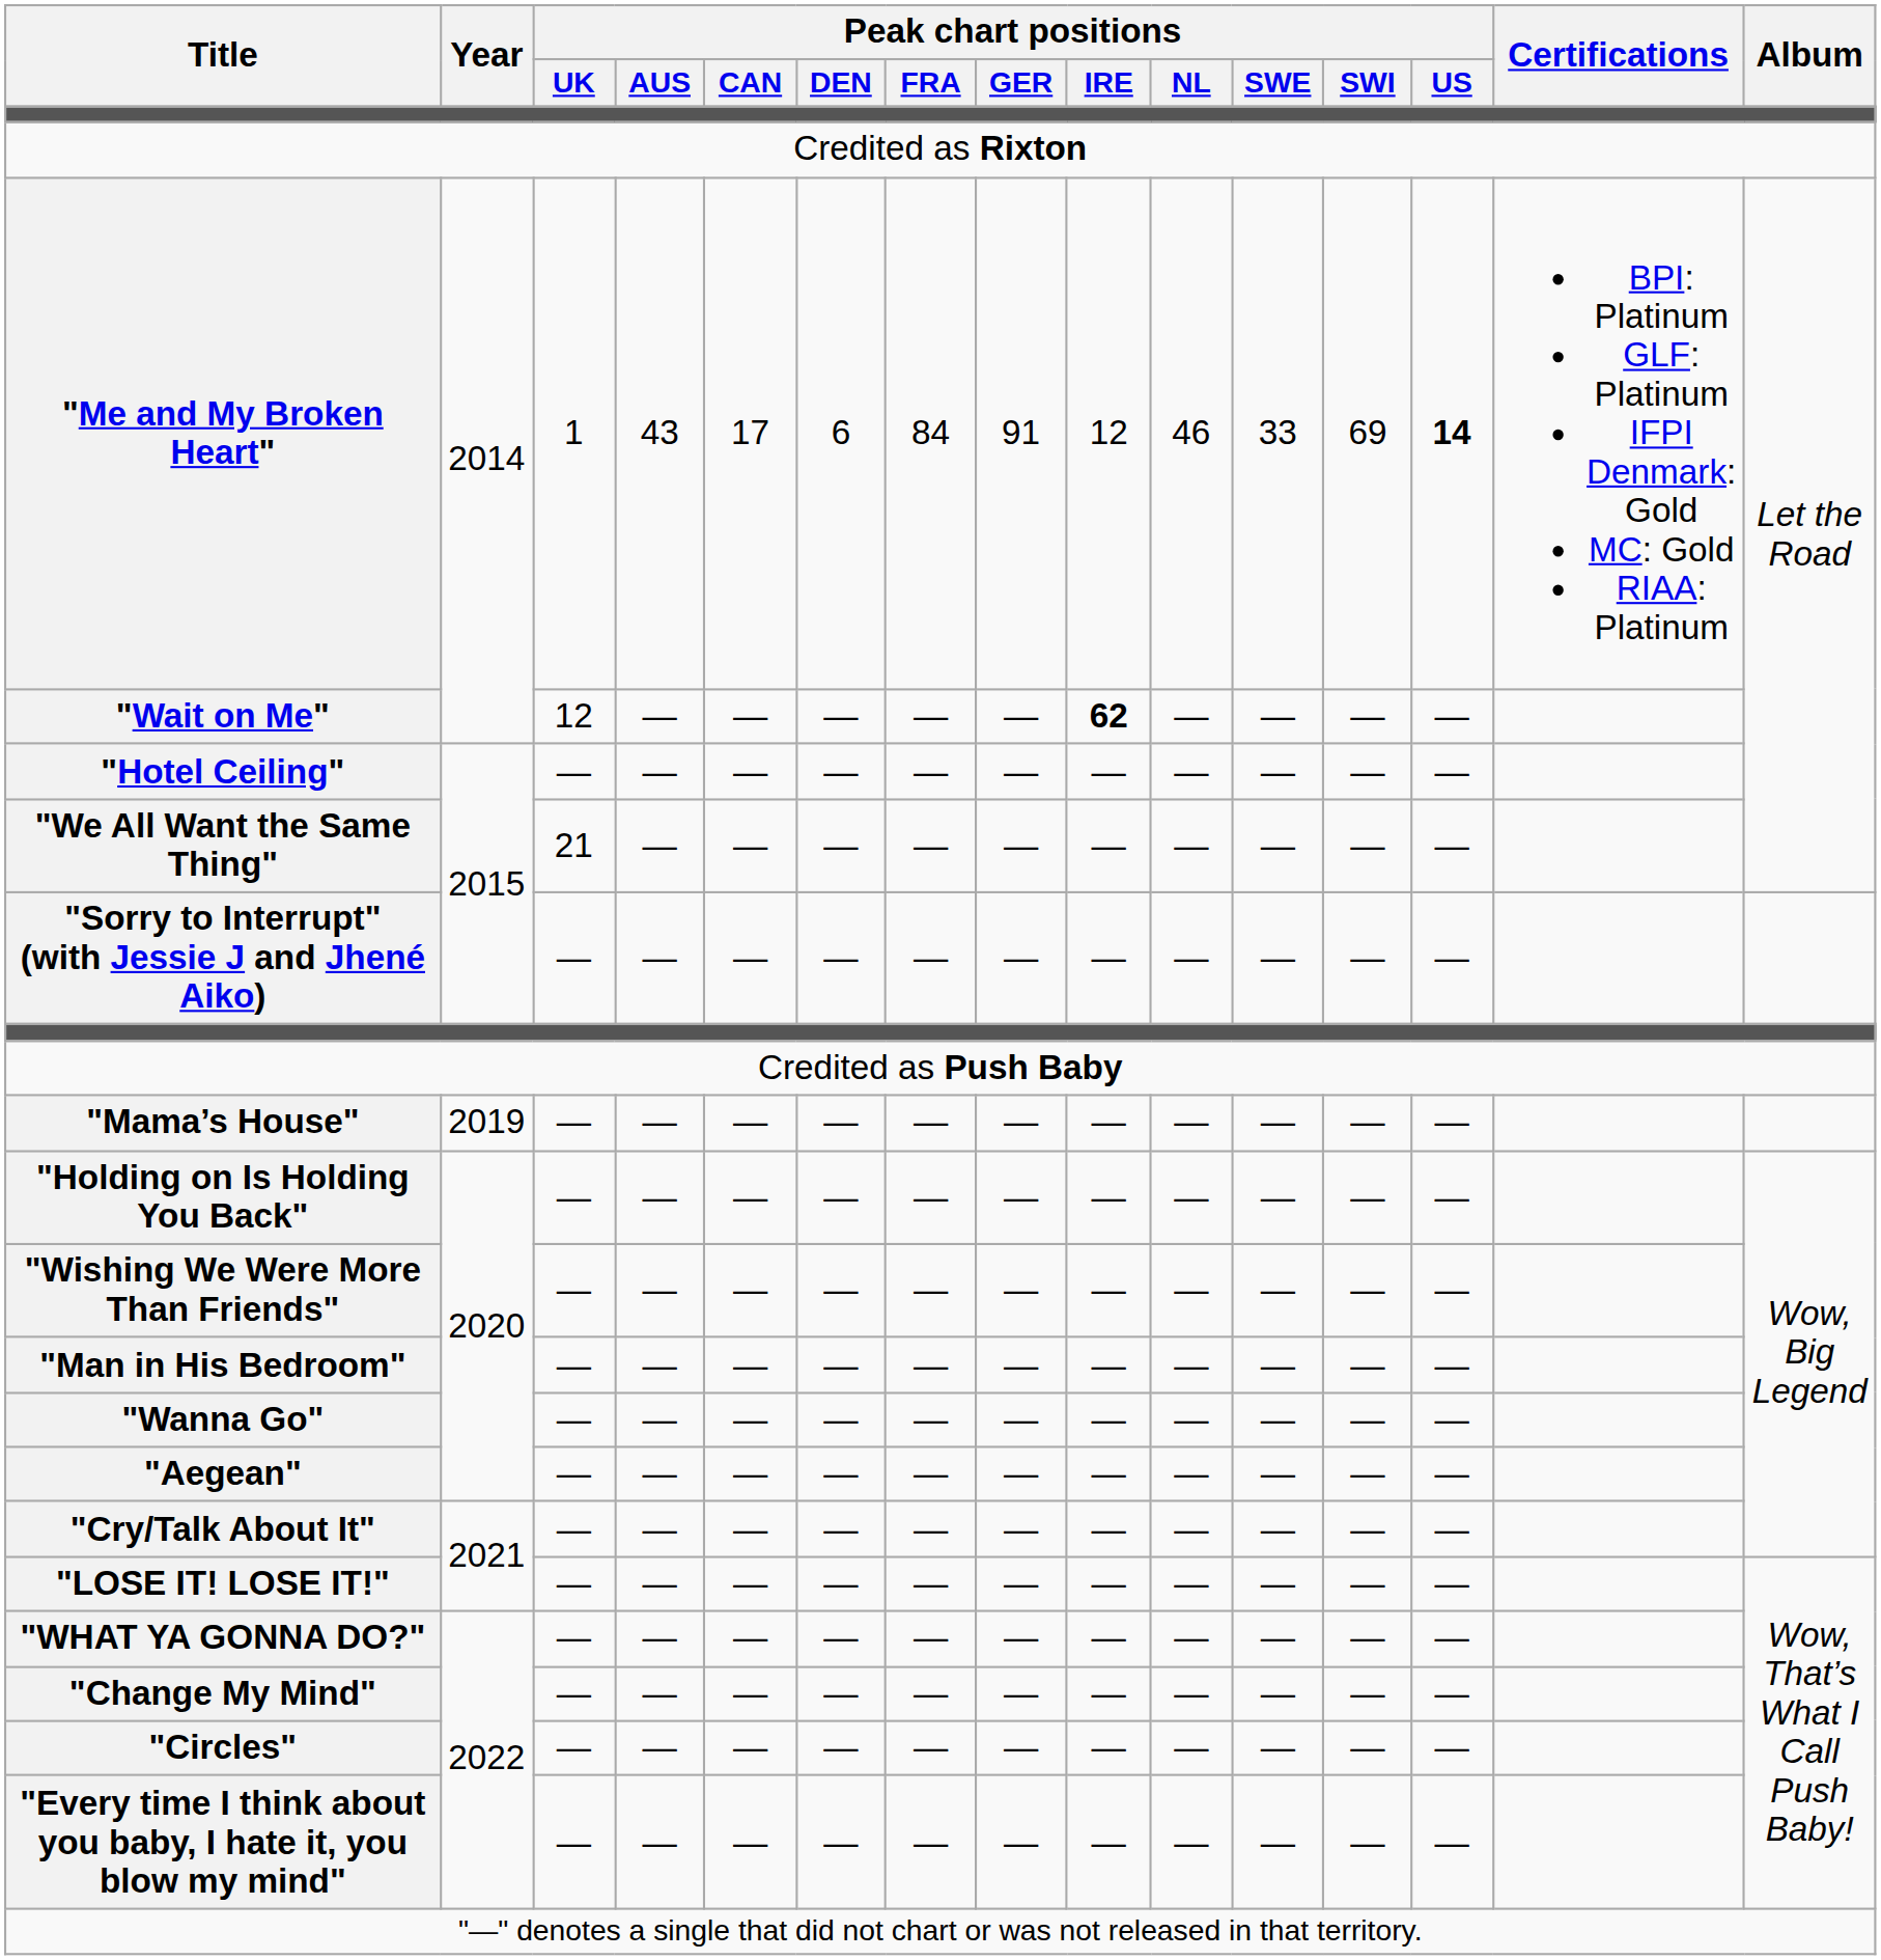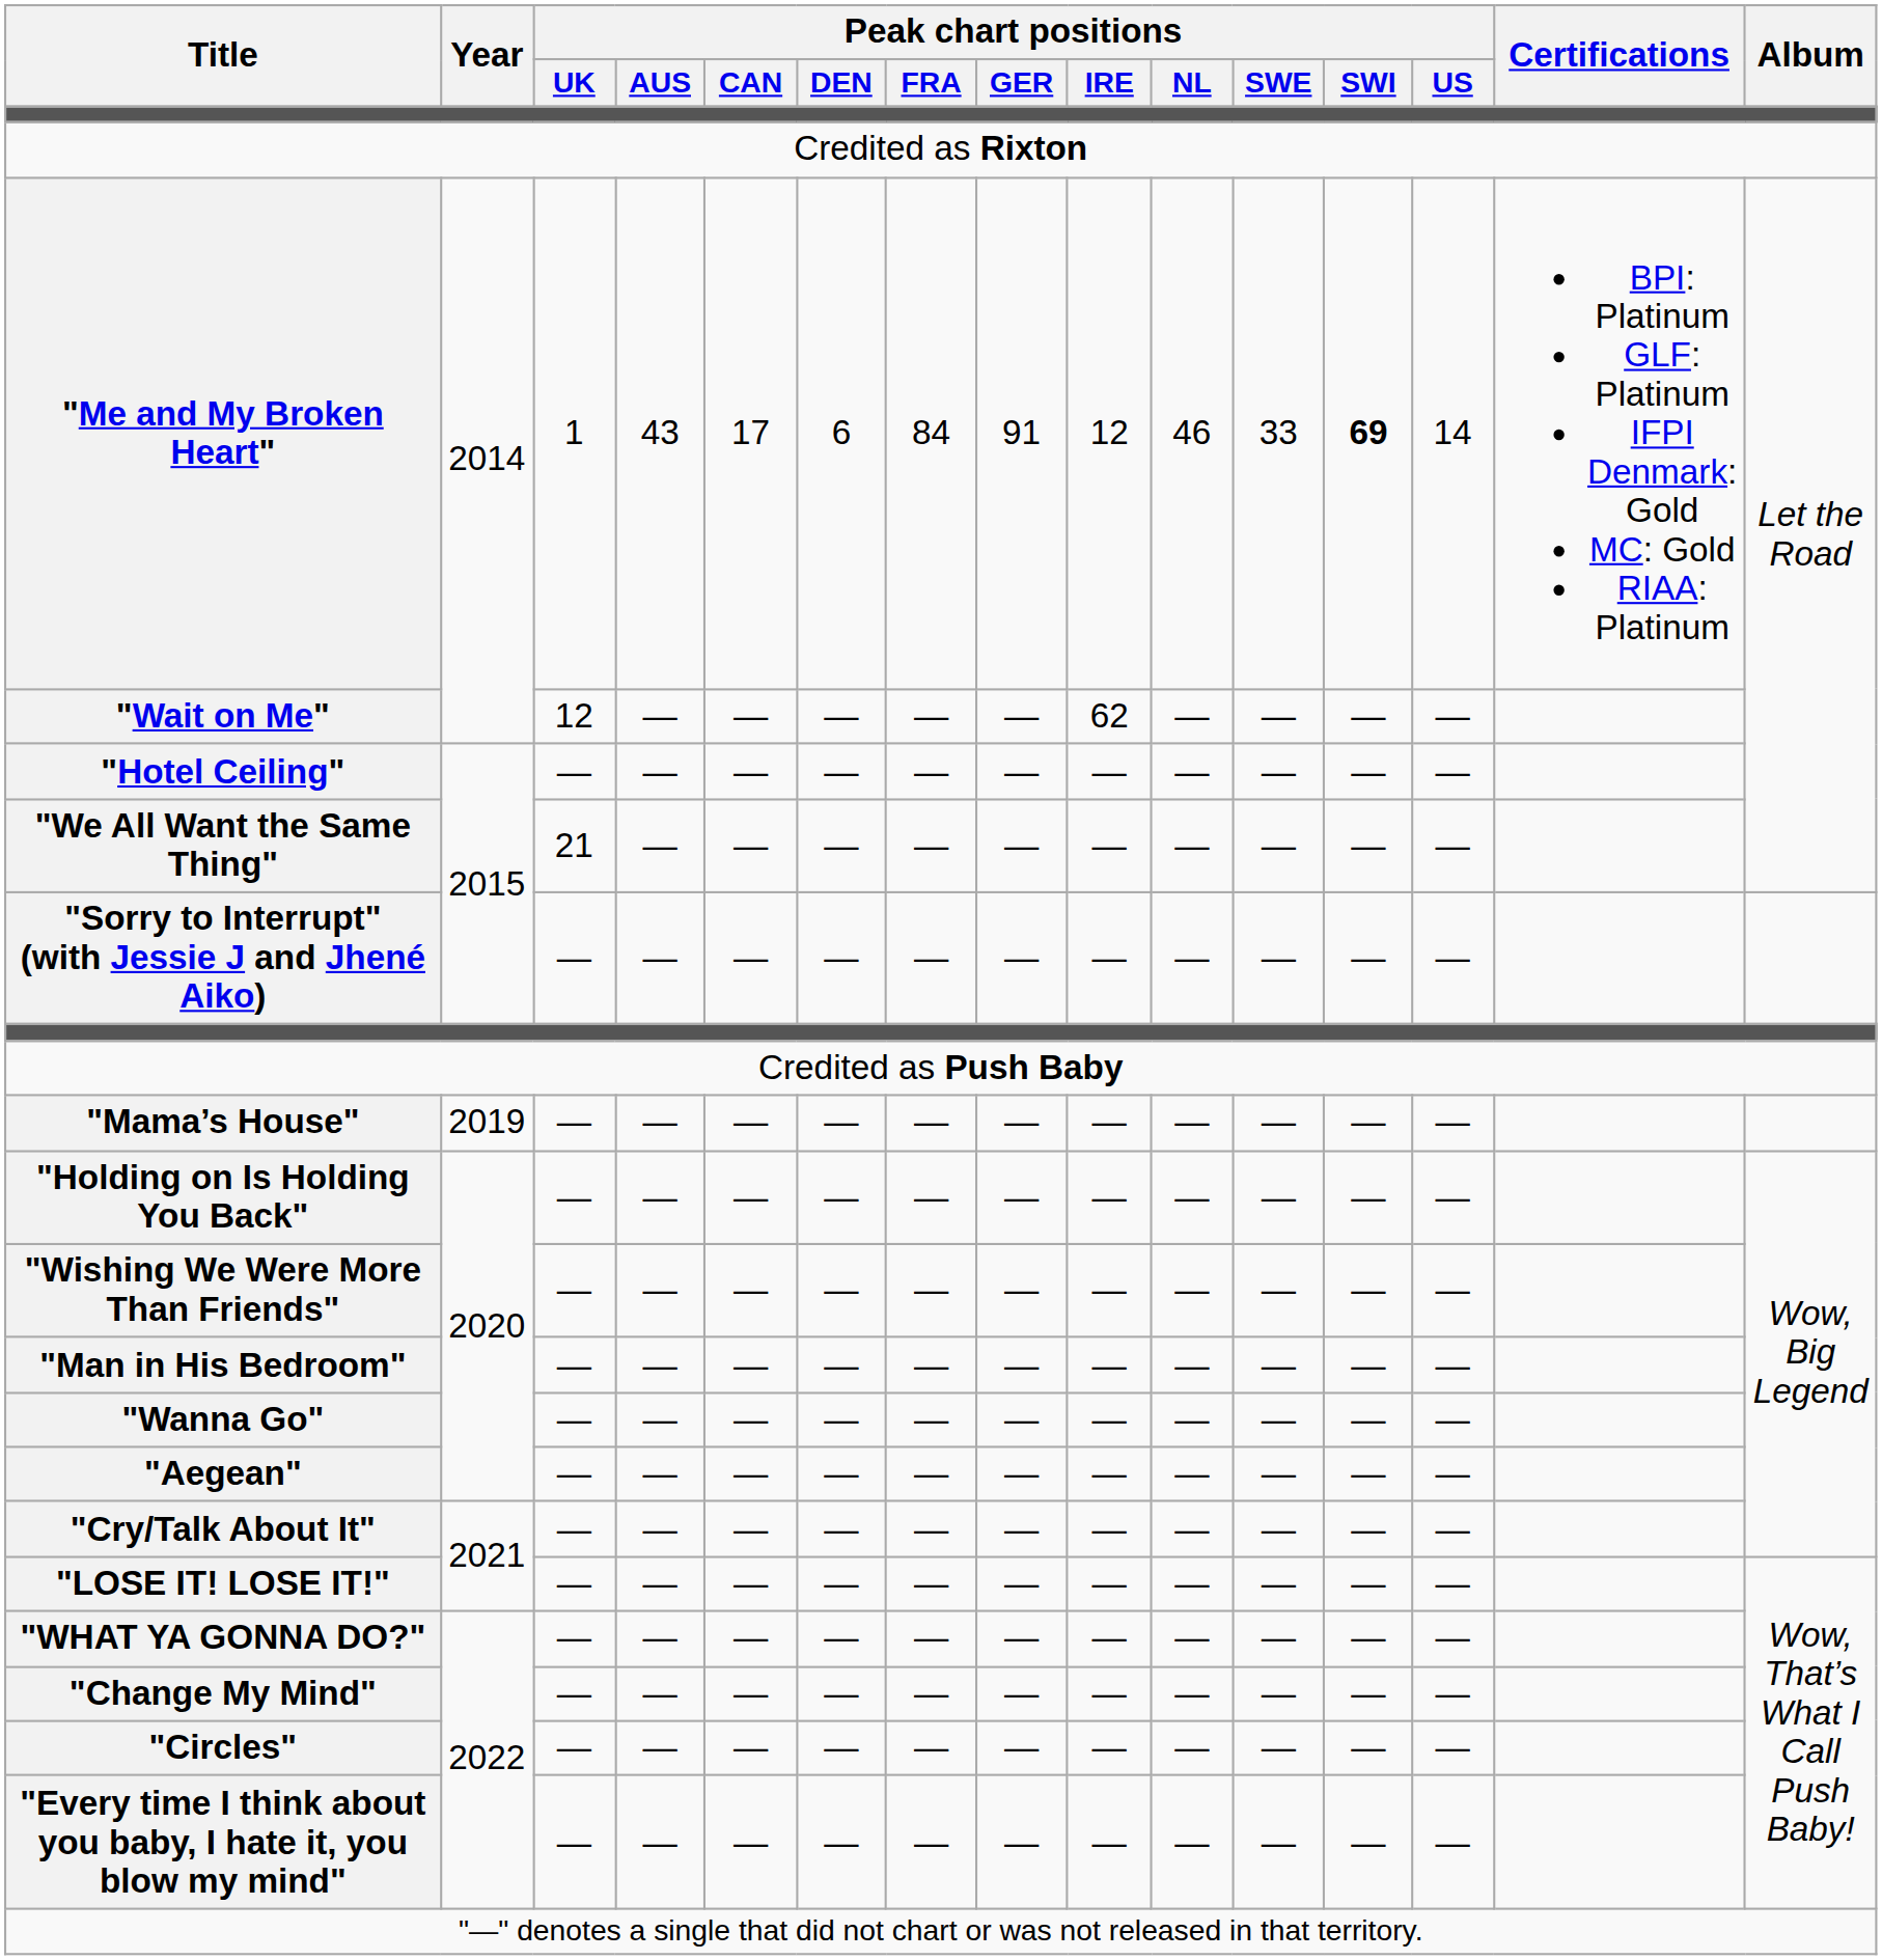 <table class="wikitable plainrowheaders" style="text-align:center;">
 <tr>
 <th scope="col" rowspan="2" style="width:18em;">Title</th>
 <th scope="col" rowspan="2" style="width:1em;">Year</th>
 <th scope="col" colspan="11">Peak chart positions</th>
 <th scope="col" rowspan="2"><a href='#'>Certifications</a></th>
 <th scope="col" rowspan="2">Album</th>
 </tr>
 <tr>
 <th scope="col" style="width:3em;font-size:85%;"><a href='#'>UK</a><br></th>
 <th scope="col" style="width:3em;font-size:85%;"><a href='#'>AUS</a><br></th>
 <th scope="col" style="width:3em;font-size:85%;"><a href='#'>CAN</a><br></th>
 <th scope="col" style="width:3em;font-size:85%;"><a href='#'>DEN</a><br></th>
 <th scope="col" style="width:3em;font-size:85%;"><a href='#'>FRA</a><br></th>
 <th scope="col" style="width:3em;font-size:85%;"><a href='#'>GER</a><br></th>
 <th scope="col" style="width:3em;font-size:85%;"><a href='#'>IRE</a><br></th>
 <th scope="col" style="width:3em;font-size:85%;"><a href='#'>NL</a><br></th>
 <th scope="col" style="width:3em;font-size:85%;"><a href='#'>SWE</a><br></th>
 <th scope="col" style="width:3em;font-size:85%;"><a href='#'>SWI</a><br></th>
 <th scope="col" style="width:3em;font-size:85%;"><a href='#'>US</a><br></th>
 </tr>
 <tr>
 </tr>
 <tr>
 <td colspan="15" style="background:#555;"></td>
 </tr>
 <tr>
 <td colspan=15>Credited as <strong>Rixton</strong></td>
 </tr>
 <tr>
 <th scope="row">"<a href='#'>Me and My Broken Heart</a>"</th>
 <td rowspan="2">2014</td>
 <td>1</td>
 <td>43</td>
 <td>17</td>
 <td>6</td>
 <td>84</td>
 <td>91</td>
 <td>12</td>
 <td>46</td>
 <td>33</td>
-<td>69</td>
-<td><strong>14</strong></td>
+<td><strong>69</strong></td>
+<td>14</td>
 <td><br><ul><li><a href='#'>BPI</a>: Platinum</li><li><a href='#'>GLF</a>: Platinum</li><li><a href='#'>IFPI Denmark</a>: Gold</li><li><a href='#'>MC</a>: Gold</li><li><a href='#'>RIAA</a>: Platinum</li></ul></td>
 <td rowspan="4"><em>Let the Road</em></td>
 </tr>
 <tr>
 <th scope="row">"<a href='#'>Wait on Me</a>"</th>
 <td>12</td>
 <td>—</td>
 <td>—</td>
 <td>—</td>
 <td>—</td>
 <td>—</td>
-<td><strong>62</strong></td>
+<td>62</td>
 <td>—</td>
 <td>—</td>
 <td>—</td>
 <td>—</td>
 <td></td>
 </tr>
 <tr>
 <th scope="row">"<a href='#'>Hotel Ceiling</a>"</th>
 <td rowspan="3">2015</td>
 <td>—</td>
 <td>—</td>
 <td>—</td>
 <td>—</td>
 <td>—</td>
 <td>—</td>
 <td>—</td>
 <td>—</td>
 <td>—</td>
 <td>—</td>
 <td>—</td>
 <td></td>
 </tr>
 <tr>
 <th scope="row">"We All Want the Same Thing"</th>
 <td>21</td>
 <td>—</td>
 <td>—</td>
 <td>—</td>
 <td>—</td>
 <td>—</td>
 <td>—</td>
 <td>—</td>
 <td>—</td>
 <td>—</td>
 <td>—</td>
 <td></td>
 </tr>
 <tr>
 <th scope="row">"Sorry to Interrupt"<br><span>(with <a href='#'>Jessie J</a> and <a href='#'>Jhené Aiko</a>)</span></th>
 <td>—</td>
 <td>—</td>
 <td>—</td>
 <td>—</td>
 <td>—</td>
 <td>—</td>
 <td>—</td>
 <td>—</td>
 <td>—</td>
 <td>—</td>
 <td>—</td>
 <td></td>
 <td></td>
 </tr>
 <tr>
 </tr>
 <tr>
 <td colspan="15" style="background:#555;"></td>
 </tr>
 <tr>
 <td colspan=15>Credited as <strong>Push Baby</strong></td>
 </tr>
 <tr>
 <th scope="row">"Mama’s House"</th>
 <td>2019</td>
 <td>—</td>
 <td>—</td>
 <td>—</td>
 <td>—</td>
 <td>—</td>
 <td>—</td>
 <td>—</td>
 <td>—</td>
 <td>—</td>
 <td>—</td>
 <td>—</td>
 <td></td>
 <td></td>
 </tr>
 <tr>
 <th scope="row">"Holding on Is Holding You Back"</th>
 <td rowspan="5">2020</td>
 <td>—</td>
 <td>—</td>
 <td>—</td>
 <td>—</td>
 <td>—</td>
 <td>—</td>
 <td>—</td>
 <td>—</td>
 <td>—</td>
 <td>—</td>
 <td>—</td>
 <td></td>
 <td rowspan="6"><em>Wow, Big Legend</em></td>
 </tr>
 <tr>
 <th scope="row">"Wishing We Were More Than Friends"</th>
 <td>—</td>
 <td>—</td>
 <td>—</td>
 <td>—</td>
 <td>—</td>
 <td>—</td>
 <td>—</td>
 <td>—</td>
 <td>—</td>
 <td>—</td>
 <td>—</td>
 <td></td>
 </tr>
 <tr>
 <th scope="row">"Man in His Bedroom"</th>
 <td>—</td>
 <td>—</td>
 <td>—</td>
 <td>—</td>
 <td>—</td>
 <td>—</td>
 <td>—</td>
 <td>—</td>
 <td>—</td>
 <td>—</td>
 <td>—</td>
 <td></td>
 </tr>
 <tr>
 <th scope="row">"Wanna Go"</th>
 <td>—</td>
 <td>—</td>
 <td>—</td>
 <td>—</td>
 <td>—</td>
 <td>—</td>
 <td>—</td>
 <td>—</td>
 <td>—</td>
 <td>—</td>
 <td>—</td>
 <td></td>
 </tr>
 <tr>
 <th scope="row">"Aegean"</th>
 <td>—</td>
 <td>—</td>
 <td>—</td>
 <td>—</td>
 <td>—</td>
 <td>—</td>
 <td>—</td>
 <td>—</td>
 <td>—</td>
 <td>—</td>
 <td>—</td>
 <td></td>
 </tr>
 <tr>
 <th scope="row">"Cry/Talk About It"</th>
 <td rowspan="2">2021</td>
 <td>—</td>
 <td>—</td>
 <td>—</td>
 <td>—</td>
 <td>—</td>
 <td>—</td>
 <td>—</td>
 <td>—</td>
 <td>—</td>
 <td>—</td>
 <td>—</td>
 <td></td>
 </tr>
 <tr>
 <th scope="row">"LOSE IT! LOSE IT!"</th>
 <td>—</td>
 <td>—</td>
 <td>—</td>
 <td>—</td>
 <td>—</td>
 <td>—</td>
 <td>—</td>
 <td>—</td>
 <td>—</td>
 <td>—</td>
 <td>—</td>
 <td></td>
 <td rowspan="5"><em>Wow, That’s What I Call Push Baby!</em></td>
 </tr>
 <tr>
 <th scope="row">"WHAT YA GONNA DO?"</th>
 <td rowspan="4">2022</td>
 <td>—</td>
 <td>—</td>
 <td>—</td>
 <td>—</td>
 <td>—</td>
 <td>—</td>
 <td>—</td>
 <td>—</td>
 <td>—</td>
 <td>—</td>
 <td>—</td>
 <td></td>
 </tr>
 <tr>
 <th scope="row">"Change My Mind"</th>
 <td>—</td>
 <td>—</td>
 <td>—</td>
 <td>—</td>
 <td>—</td>
 <td>—</td>
 <td>—</td>
 <td>—</td>
 <td>—</td>
 <td>—</td>
 <td>—</td>
 <td></td>
 </tr>
 <tr>
 <th scope="row">"Circles"</th>
 <td>—</td>
 <td>—</td>
 <td>—</td>
 <td>—</td>
 <td>—</td>
 <td>—</td>
 <td>—</td>
 <td>—</td>
 <td>—</td>
 <td>—</td>
 <td>—</td>
 <td></td>
 </tr>
 <tr>
 <th scope="row">"Every time I think about you baby, I hate it, you blow my mind"</th>
 <td>—</td>
 <td>—</td>
 <td>—</td>
 <td>—</td>
 <td>—</td>
 <td>—</td>
 <td>—</td>
 <td>—</td>
 <td>—</td>
 <td>—</td>
 <td>—</td>
 <td></td>
 </tr>
 <tr>
 <td colspan="20" style="font-size:85%">"—" denotes a single that did not chart or was not released in that territory.</td>
 </tr>
 </table>
